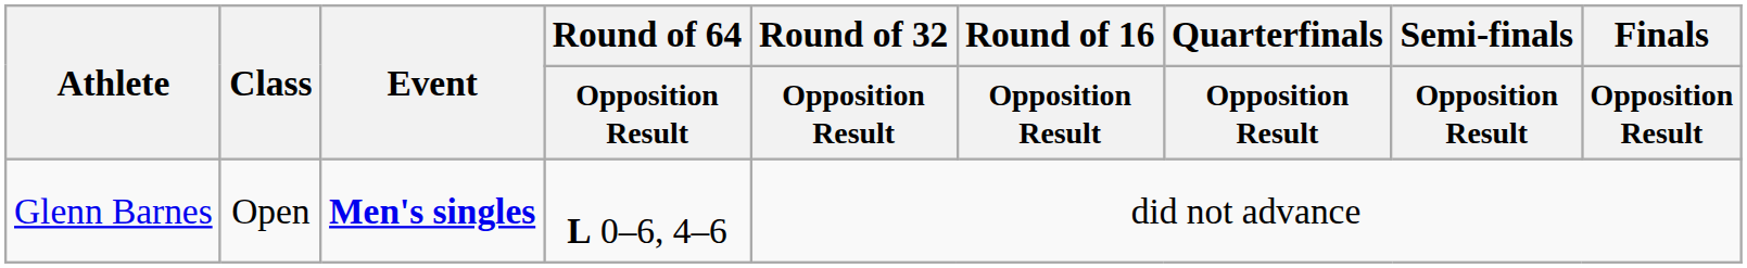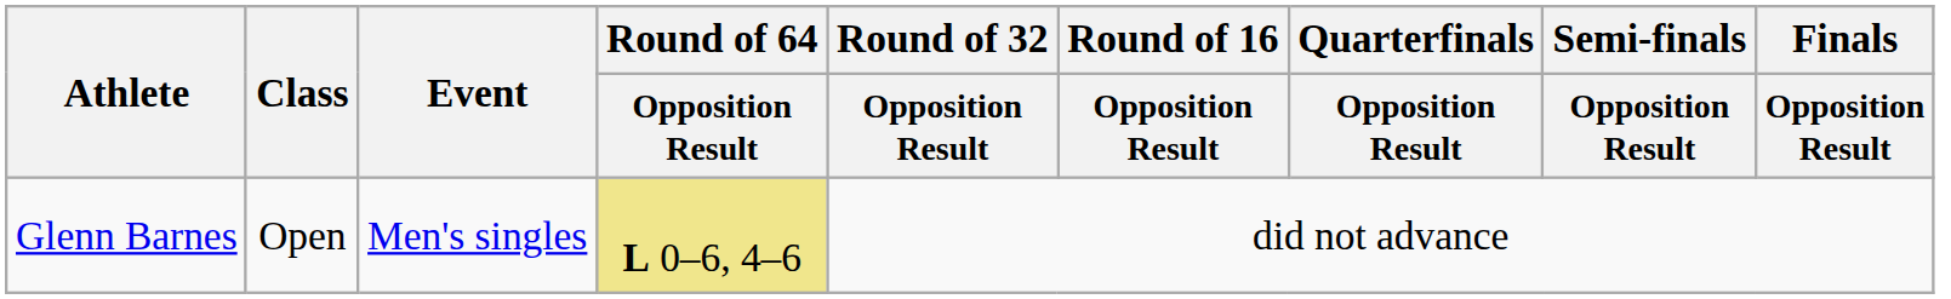 <table class=wikitable style="font-size:90%">
 <tr>
 <th rowspan="2">Athlete</th>
 <th rowspan="2">Class</th>
 <th rowspan="2">Event</th>
 <th>Round of 64</th>
 <th>Round of 32</th>
 <th>Round of 16</th>
 <th>Quarterfinals</th>
 <th>Semi-finals</th>
 <th>Finals</th>
 </tr>
 <tr>
 <th style="line-height:1em"><small>Opposition<br>Result</small></th>
 <th style="line-height:1em"><small>Opposition<br>Result</small></th>
 <th style="line-height:1em"><small>Opposition<br>Result</small></th>
 <th style="line-height:1em"><small>Opposition<br>Result</small></th>
 <th style="line-height:1em"><small>Opposition<br>Result</small></th>
 <th style="line-height:1em"><small>Opposition<br>Result</small></th>
 </tr>
 <tr>
 <td><a href='#'>Glenn Barnes</a></td>
 <td style="text-align:center;">Open</td>
-<td><strong><a href='#'>Men's singles</a></strong></td>
-<td style="text-align:center;"><br><strong>L</strong> 0–6, 4–6</td>
+<td><a href='#'>Men's singles</a></td>
+<td style="background: khaki; text-align:center;"><br><strong>L</strong> 0–6, 4–6</td>
 <td style="text-align:center;" colspan="5">did not advance</td>
 </tr>
 </table>
